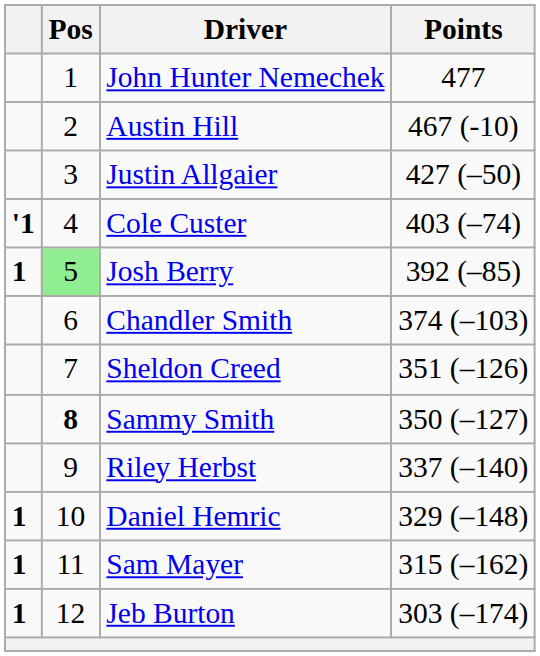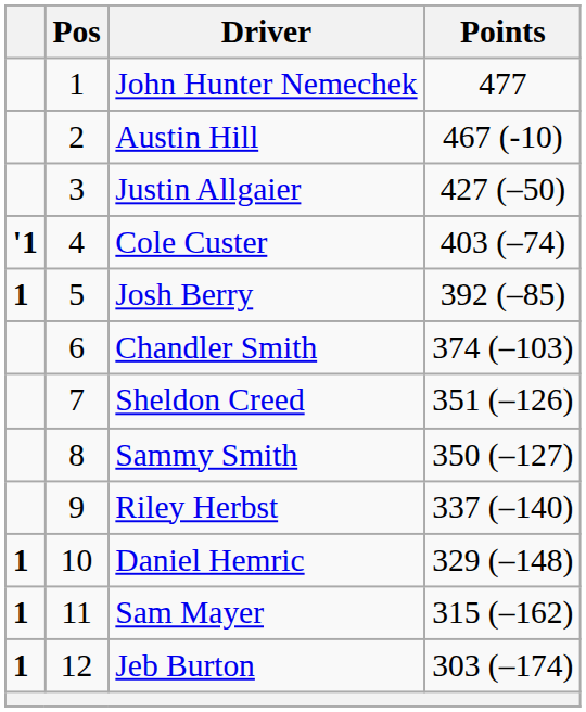 <table class="wikitable" style="font-size: 95%;">
 <tr>
 <th></th>
 <th>Pos</th>
 <th>Driver</th>
 <th>Points</th>
 </tr>
 <tr>
 <td align="left"></td>
 <td style="text-align:center;">1</td>
 <td><a href='#'>John Hunter Nemechek</a></td>
 <td style="text-align:center;">477</td>
 </tr>
 <tr>
 <td align="left"></td>
 <td style="text-align:center;">2</td>
 <td><a href='#'>Austin Hill</a></td>
 <td style="text-align:center;">467 (-10)</td>
 </tr>
 <tr>
 <td align="left"></td>
 <td style="text-align:center;">3</td>
 <td><a href='#'>Justin Allgaier</a></td>
 <td style="text-align:center;">427 (–50)</td>
 </tr>
 <tr>
 <td align="left"> <strong>'1</strong></td>
 <td style="text-align:center;">4</td>
 <td><a href='#'>Cole Custer</a></td>
 <td style="text-align:center;">403 (–74)</td>
 </tr>
 <tr>
 <td align="left"> <strong>1</strong></td>
-<td style="background: lightgreen; text-align:center;">5</td>
+<td style="text-align:center;">5</td>
 <td><a href='#'>Josh Berry</a></td>
 <td style="text-align:center;">392 (–85)</td>
 </tr>
 <tr>
 <td align="left"></td>
 <td style="text-align:center;">6</td>
 <td><a href='#'>Chandler Smith</a></td>
 <td style="text-align:center;">374 (–103)</td>
 </tr>
 <tr>
 <td align="left"></td>
 <td style="text-align:center;">7</td>
 <td><a href='#'>Sheldon Creed</a></td>
 <td style="text-align:center;">351 (–126)</td>
 </tr>
 <tr>
 <td align="left"></td>
-<td style="text-align:center;"><strong>8</strong></td>
+<td style="text-align:center;">8</td>
 <td><a href='#'>Sammy Smith</a></td>
 <td style="text-align:center;">350 (–127)</td>
 </tr>
 <tr>
 <td align="left"></td>
 <td style="text-align:center;">9</td>
 <td><a href='#'>Riley Herbst</a></td>
 <td style="text-align:center;">337 (–140)</td>
 </tr>
 <tr>
 <td align="left"> <strong>1</strong></td>
 <td style="text-align:center;">10</td>
 <td><a href='#'>Daniel Hemric</a></td>
 <td style="text-align:center;">329 (–148)</td>
 </tr>
 <tr>
 <td align="left"> <strong>1</strong></td>
 <td style="text-align:center;">11</td>
 <td><a href='#'>Sam Mayer</a></td>
 <td style="text-align:center;">315 (–162)</td>
 </tr>
 <tr>
 <td align="left"> <strong>1</strong></td>
 <td style="text-align:center;">12</td>
 <td><a href='#'>Jeb Burton</a></td>
 <td style="text-align:center;">303 (–174)</td>
 </tr>
 <tr class="sortbottom">
 <th colspan="9"></th>
 </tr>
 </table>
